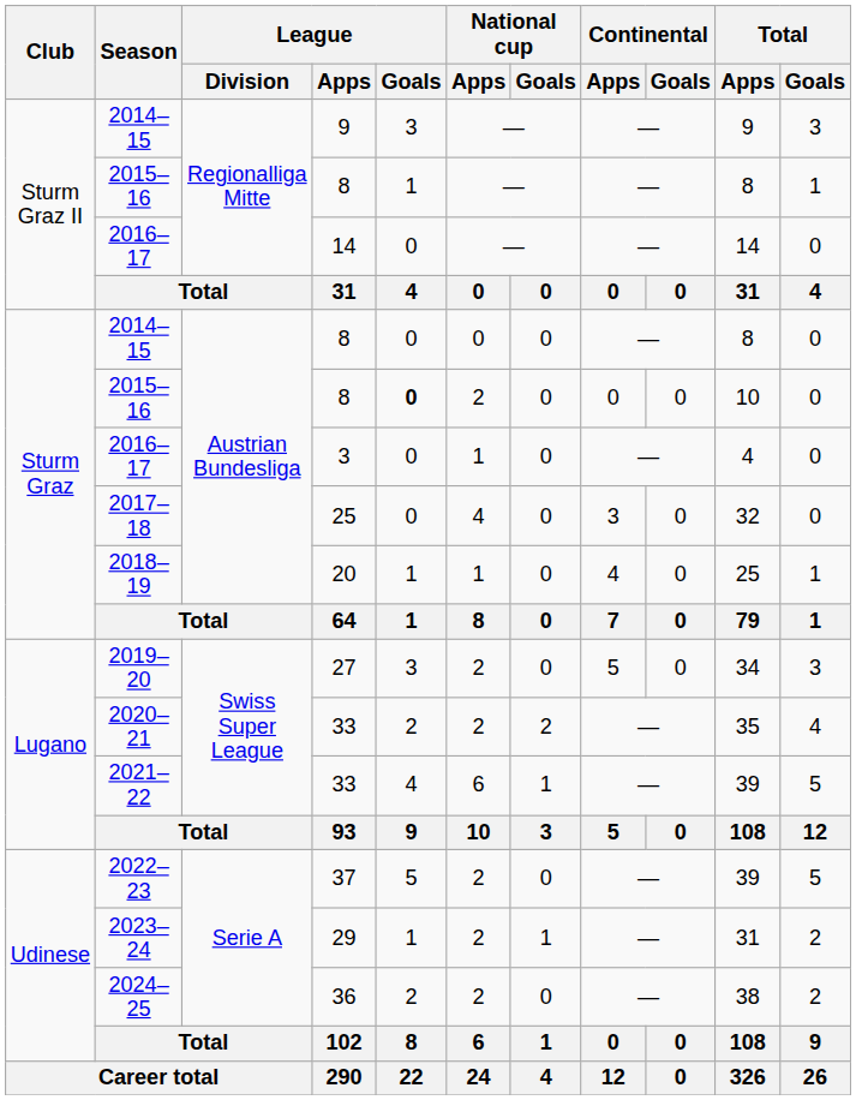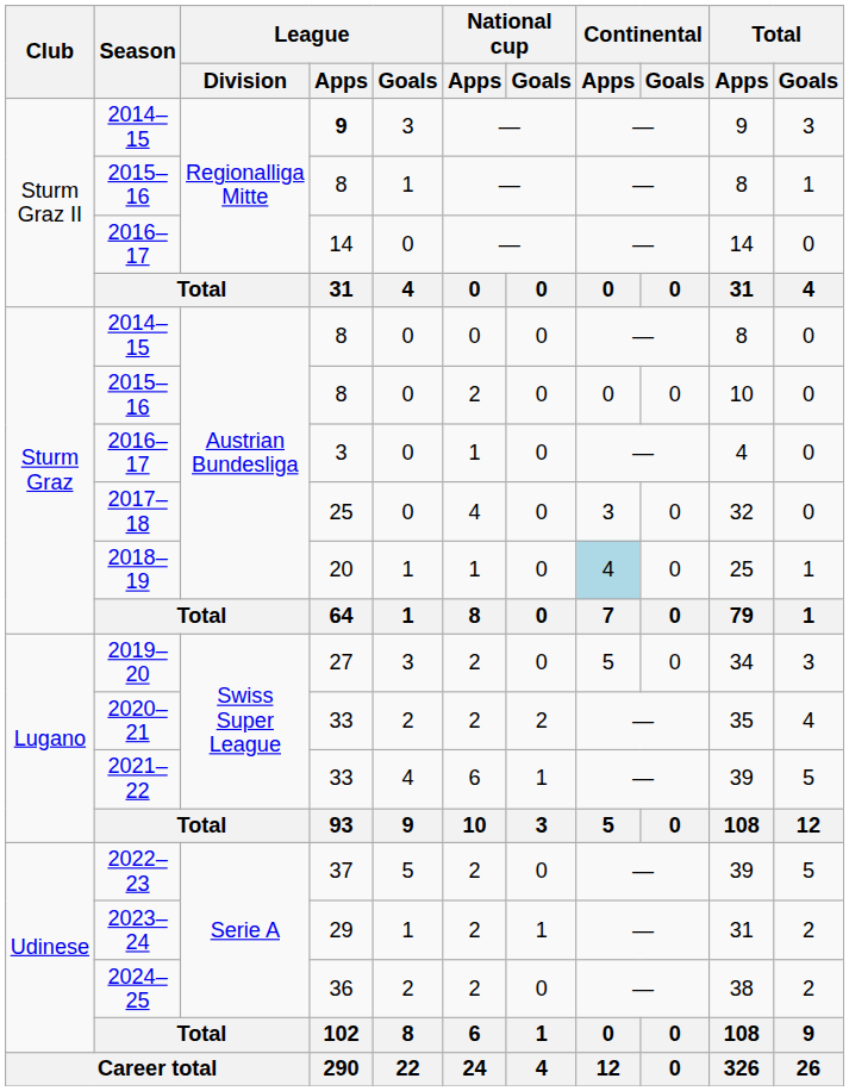 <table class="wikitable" style="text-align:center">
 <tr>
 <th rowspan="2">Club</th>
 <th rowspan="2">Season</th>
 <th colspan="3">League</th>
 <th colspan="2">National cup</th>
 <th colspan="2">Continental</th>
 <th colspan="2">Total</th>
 </tr>
 <tr>
 <th>Division</th>
 <th>Apps</th>
 <th>Goals</th>
 <th>Apps</th>
 <th>Goals</th>
 <th>Apps</th>
 <th>Goals</th>
 <th>Apps</th>
 <th>Goals</th>
 </tr>
 <tr>
 <td rowspan="4">Sturm Graz II</td>
 <td><a href='#'>2014–15</a></td>
 <td rowspan="3"><a href='#'>Regionalliga Mitte</a></td>
-<td>9</td>
+<td><strong>9</strong></td>
 <td>3</td>
 <td colspan="2">—</td>
 <td colspan="2">—</td>
 <td>9</td>
 <td>3</td>
 </tr>
 <tr>
 <td><a href='#'>2015–16</a></td>
 <td>8</td>
 <td>1</td>
 <td colspan="2">—</td>
 <td colspan="2">—</td>
 <td>8</td>
 <td>1</td>
 </tr>
 <tr>
 <td><a href='#'>2016–17</a></td>
 <td>14</td>
 <td>0</td>
 <td colspan="2">—</td>
 <td colspan="2">—</td>
 <td>14</td>
 <td>0</td>
 </tr>
 <tr>
 <th colspan="2">Total</th>
 <th>31</th>
 <th>4</th>
 <th>0</th>
 <th>0</th>
 <th>0</th>
 <th>0</th>
 <th>31</th>
 <th>4</th>
 </tr>
 <tr>
 <td rowspan="6"><a href='#'>Sturm Graz</a></td>
 <td><a href='#'>2014–15</a></td>
 <td rowspan="5"><a href='#'>Austrian Bundesliga</a></td>
 <td>8</td>
 <td>0</td>
 <td>0</td>
 <td>0</td>
 <td colspan="2">—</td>
 <td>8</td>
 <td>0</td>
 </tr>
 <tr>
 <td><a href='#'>2015–16</a></td>
 <td>8</td>
-<td><strong>0</strong></td>
+<td>0</td>
 <td>2</td>
 <td>0</td>
 <td>0</td>
 <td>0</td>
 <td>10</td>
 <td>0</td>
 </tr>
 <tr>
 <td><a href='#'>2016–17</a></td>
 <td>3</td>
 <td>0</td>
 <td>1</td>
 <td>0</td>
 <td colspan="2">—</td>
 <td>4</td>
 <td>0</td>
 </tr>
 <tr>
 <td><a href='#'>2017–18</a></td>
 <td>25</td>
 <td>0</td>
 <td>4</td>
 <td>0</td>
 <td>3</td>
 <td>0</td>
 <td>32</td>
 <td>0</td>
 </tr>
 <tr>
 <td><a href='#'>2018–19</a></td>
 <td>20</td>
 <td>1</td>
 <td>1</td>
 <td>0</td>
-<td>4</td>
+<td style="background: lightblue;">4</td>
 <td>0</td>
 <td>25</td>
 <td>1</td>
 </tr>
 <tr>
 <th colspan="2">Total</th>
 <th>64</th>
 <th>1</th>
 <th>8</th>
 <th>0</th>
 <th>7</th>
 <th>0</th>
 <th>79</th>
 <th>1</th>
 </tr>
 <tr>
 <td rowspan="4"><a href='#'>Lugano</a></td>
 <td><a href='#'>2019–20</a></td>
 <td rowspan="3"><a href='#'>Swiss Super League</a></td>
 <td>27</td>
 <td>3</td>
 <td>2</td>
 <td>0</td>
 <td>5</td>
 <td>0</td>
 <td>34</td>
 <td>3</td>
 </tr>
 <tr>
 <td><a href='#'>2020–21</a></td>
 <td>33</td>
 <td>2</td>
 <td>2</td>
 <td>2</td>
 <td colspan="2">—</td>
 <td>35</td>
 <td>4</td>
 </tr>
 <tr>
 <td><a href='#'>2021–22</a></td>
 <td>33</td>
 <td>4</td>
 <td>6</td>
 <td>1</td>
 <td colspan="2">—</td>
 <td>39</td>
 <td>5</td>
 </tr>
 <tr>
 <th colspan="2">Total</th>
 <th>93</th>
 <th>9</th>
 <th>10</th>
 <th>3</th>
 <th>5</th>
 <th>0</th>
 <th>108</th>
 <th>12</th>
 </tr>
 <tr>
 <td rowspan="4"><a href='#'>Udinese</a></td>
 <td><a href='#'>2022–23</a></td>
 <td rowspan="3"><a href='#'>Serie A</a></td>
 <td>37</td>
 <td>5</td>
 <td>2</td>
 <td>0</td>
 <td colspan="2">—</td>
 <td>39</td>
 <td>5</td>
 </tr>
 <tr>
 <td><a href='#'>2023–24</a></td>
 <td>29</td>
 <td>1</td>
 <td>2</td>
 <td>1</td>
 <td colspan="2">—</td>
 <td>31</td>
 <td>2</td>
 </tr>
 <tr>
 <td><a href='#'>2024–25</a></td>
 <td>36</td>
 <td>2</td>
 <td>2</td>
 <td>0</td>
 <td colspan="2">—</td>
 <td>38</td>
 <td>2</td>
 </tr>
 <tr>
 <th colspan="2">Total</th>
 <th>102</th>
 <th>8</th>
 <th>6</th>
 <th>1</th>
 <th>0</th>
 <th>0</th>
 <th>108</th>
 <th>9</th>
 </tr>
 <tr>
 <th colspan="3">Career total</th>
 <th>290</th>
 <th>22</th>
 <th>24</th>
 <th>4</th>
 <th>12</th>
 <th>0</th>
 <th>326</th>
 <th>26</th>
 </tr>
 </table>
